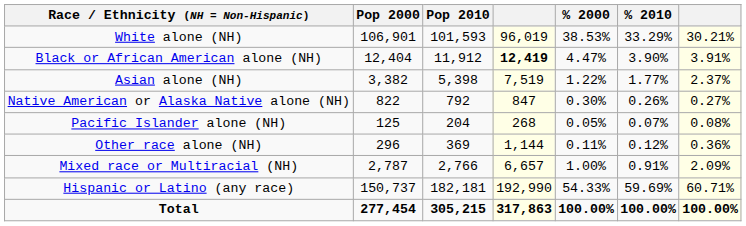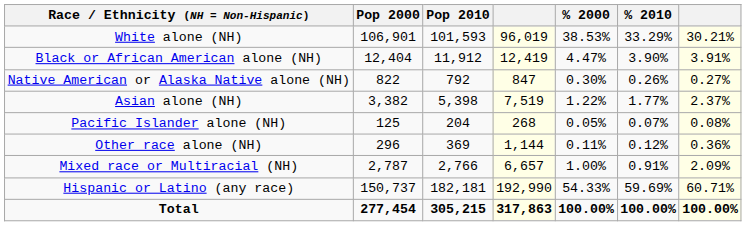 <table class="wikitable" style="text-align:center;">
 <tr>
 <th>Race / Ethnicity <small>(<em>NH = Non-Hispanic</em>)</small></th>
 <th>Pop 2000</th>
 <th>Pop 2010</th>
 <th></th>
 <th>% 2000</th>
 <th>% 2010</th>
 <th></th>
 </tr>
 <tr>
 <td><a href='#'>White</a> alone (NH)</td>
 <td>106,901</td>
 <td>101,593</td>
 <td style='background: #ffffe6;'>96,019</td>
 <td>38.53%</td>
 <td>33.29%</td>
 <td style='background: #ffffe6;'>30.21%</td>
 </tr>
 <tr>
 <td><a href='#'>Black or African American</a> alone (NH)</td>
 <td>12,404</td>
 <td>11,912</td>
-<td style='background: #ffffe6;'><strong>12,419</strong></td>
+<td style='background: #ffffe6;'>12,419</td>
 <td>4.47%</td>
 <td>3.90%</td>
 <td style='background: #ffffe6;'>3.91%</td>
+</tr>
+<tr>
+<td><a href='#'>Native American</a> or <a href='#'>Alaska Native</a> alone (NH)</td>
+<td>822</td>
+<td>792</td>
+<td style='background: #ffffe6;'>847</td>
+<td>0.30%</td>
+<td>0.26%</td>
+<td style='background: #ffffe6;'>0.27%</td>
 </tr>
 <tr>
 <td><a href='#'>Asian</a> alone (NH)</td>
 <td>3,382</td>
 <td>5,398</td>
 <td style='background: #ffffe6;'>7,519</td>
 <td>1.22%</td>
 <td>1.77%</td>
 <td style='background: #ffffe6;'>2.37%</td>
-</tr>
-<tr>
-<td><a href='#'>Native American</a> or <a href='#'>Alaska Native</a> alone (NH)</td>
-<td>822</td>
-<td>792</td>
-<td style='background: #ffffe6;'>847</td>
-<td>0.30%</td>
-<td>0.26%</td>
-<td style='background: #ffffe6;'>0.27%</td>
 </tr>
 <tr>
 <td><a href='#'>Pacific Islander</a> alone (NH)</td>
 <td>125</td>
 <td>204</td>
 <td style='background: #ffffe6;'>268</td>
 <td>0.05%</td>
 <td>0.07%</td>
 <td style='background: #ffffe6;'>0.08%</td>
 </tr>
 <tr>
 <td><a href='#'>Other race</a> alone (NH)</td>
 <td>296</td>
 <td>369</td>
 <td style='background: #ffffe6;'>1,144</td>
 <td>0.11%</td>
 <td>0.12%</td>
 <td style='background: #ffffe6;'>0.36%</td>
 </tr>
 <tr>
 <td><a href='#'>Mixed race or Multiracial</a> (NH)</td>
 <td>2,787</td>
 <td>2,766</td>
 <td style='background: #ffffe6;'>6,657</td>
 <td>1.00%</td>
 <td>0.91%</td>
 <td style='background: #ffffe6;'>2.09%</td>
 </tr>
 <tr>
 <td><a href='#'>Hispanic or Latino</a> (any race)</td>
 <td>150,737</td>
 <td>182,181</td>
 <td style='background: #ffffe6;'>192,990</td>
 <td>54.33%</td>
 <td>59.69%</td>
 <td style='background: #ffffe6;'>60.71%</td>
 </tr>
 <tr>
 <td><strong>Total</strong></td>
 <td><strong>277,454</strong></td>
 <td><strong>305,215</strong></td>
 <td style='background: #ffffe6;'><strong>317,863</strong></td>
 <td><strong>100.00%</strong></td>
 <td><strong>100.00%</strong></td>
 <td style='background: #ffffe6;'><strong>100.00%</strong></td>
 </tr>
 </table>
